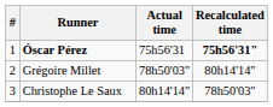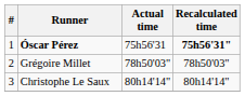 <table class="wikitable" style="font-size:95%;width:320px;">
 <tr>
 <th width=6%>#</th>
 <th width=54%>Runner</th>
 <th width=20%>Actual time</th>
 <th width=20%>Recalculated time</th>
 </tr>
 <tr>
 <td align=center>1</td>
 <td> <strong>Óscar Pérez</strong></td>
 <td>75h56'31</td>
 <td align=center><strong>75h56'31"</strong></td>
 </tr>
 <tr>
 <td align=center>2</td>
 <td> Grégoire Millet</td>
 <td>78h50'03"</td>
-<td align=center>80h14'14"</td>
+<td align=center>78h50'03"</td>
 </tr>
 <tr>
 <td align=center>3</td>
 <td> Christophe Le Saux</td>
 <td>80h14'14"</td>
-<td align=center>78h50'03"</td>
+<td align=center>80h14'14"</td>
 </tr>
 <tr>
 </tr>
 </table>
